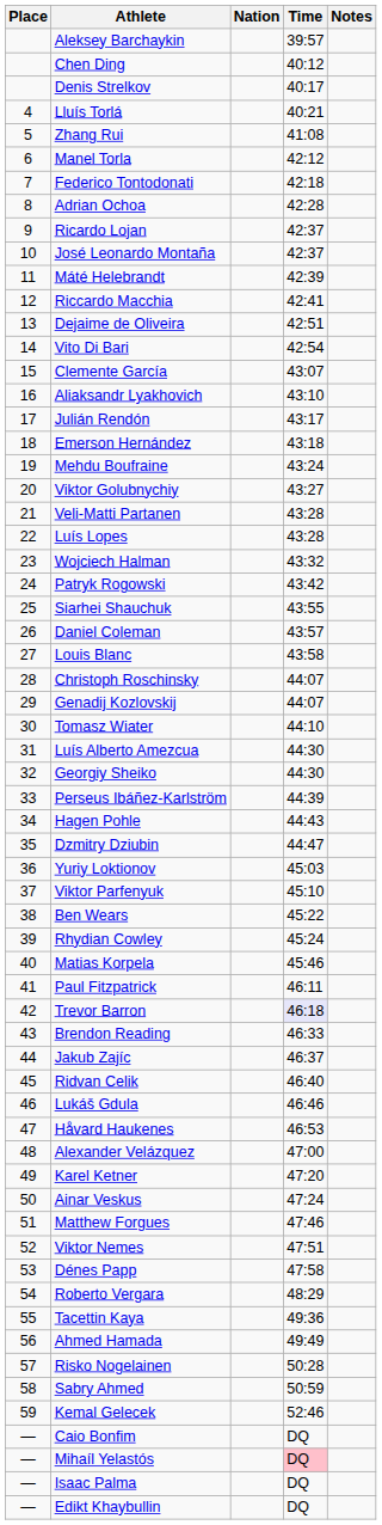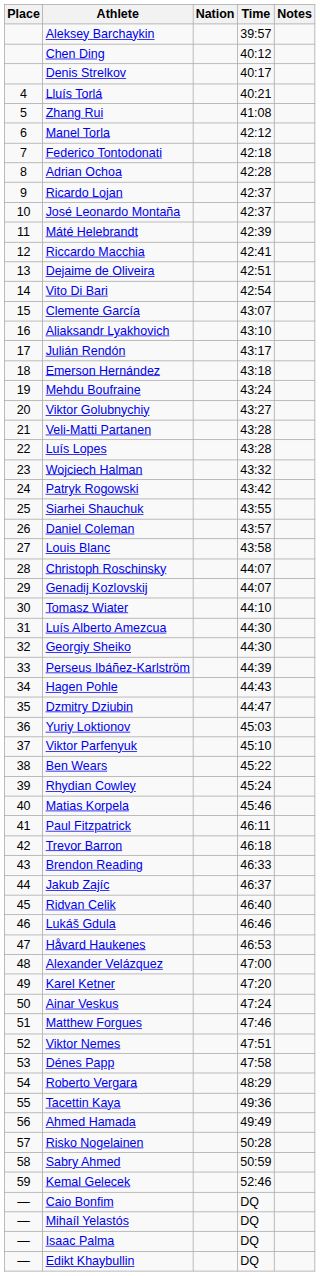 <table class=wikitable>
 <tr>
 <th>Place</th>
 <th>Athlete</th>
 <th>Nation</th>
 <th>Time</th>
 <th>Notes</th>
 </tr>
 <tr>
 <td align=center></td>
 <td><a href='#'>Aleksey Barchaykin</a></td>
 <td></td>
 <td>39:57</td>
 <td></td>
 </tr>
 <tr>
 <td align=center></td>
 <td><a href='#'>Chen Ding</a></td>
 <td></td>
 <td>40:12</td>
 <td></td>
 </tr>
 <tr>
 <td align=center></td>
 <td><a href='#'>Denis Strelkov</a></td>
 <td></td>
 <td>40:17</td>
 <td></td>
 </tr>
 <tr>
 <td align=center>4</td>
 <td><a href='#'>Lluís Torlá</a></td>
 <td></td>
 <td>40:21</td>
 <td></td>
 </tr>
 <tr>
 <td align=center>5</td>
 <td><a href='#'>Zhang Rui</a></td>
 <td></td>
 <td>41:08</td>
 <td></td>
 </tr>
 <tr>
 <td align=center>6</td>
 <td><a href='#'>Manel Torla</a></td>
 <td></td>
 <td>42:12</td>
 <td></td>
 </tr>
 <tr>
 <td align=center>7</td>
 <td><a href='#'>Federico Tontodonati</a></td>
 <td></td>
 <td>42:18</td>
 <td></td>
 </tr>
 <tr>
 <td align=center>8</td>
 <td><a href='#'>Adrian Ochoa</a></td>
 <td></td>
 <td>42:28</td>
 <td></td>
 </tr>
 <tr>
 <td align=center>9</td>
 <td><a href='#'>Ricardo Lojan</a></td>
 <td></td>
 <td>42:37</td>
 <td></td>
 </tr>
 <tr>
 <td align=center>10</td>
 <td><a href='#'>José Leonardo Montaña</a></td>
 <td></td>
 <td>42:37</td>
 <td></td>
 </tr>
 <tr>
 <td align=center>11</td>
 <td><a href='#'>Máté Helebrandt</a></td>
 <td></td>
 <td>42:39</td>
 <td></td>
 </tr>
 <tr>
 <td align=center>12</td>
 <td><a href='#'>Riccardo Macchia</a></td>
 <td></td>
 <td>42:41</td>
 <td></td>
 </tr>
 <tr>
 <td align=center>13</td>
 <td><a href='#'>Dejaime de Oliveira</a></td>
 <td></td>
 <td>42:51</td>
 <td></td>
 </tr>
 <tr>
 <td align=center>14</td>
 <td><a href='#'>Vito Di Bari</a></td>
 <td></td>
 <td>42:54</td>
 <td></td>
 </tr>
 <tr>
 <td align=center>15</td>
 <td><a href='#'>Clemente García</a></td>
 <td></td>
 <td>43:07</td>
 <td></td>
 </tr>
 <tr>
 <td align=center>16</td>
 <td><a href='#'>Aliaksandr Lyakhovich</a></td>
 <td></td>
 <td>43:10</td>
 <td></td>
 </tr>
 <tr>
 <td align=center>17</td>
 <td><a href='#'>Julián Rendón</a></td>
 <td></td>
 <td>43:17</td>
 <td></td>
 </tr>
 <tr>
 <td align=center>18</td>
 <td><a href='#'>Emerson Hernández</a></td>
 <td></td>
 <td>43:18</td>
 <td></td>
 </tr>
 <tr>
 <td align=center>19</td>
 <td><a href='#'>Mehdu Boufraine</a></td>
 <td></td>
 <td>43:24</td>
 <td></td>
 </tr>
 <tr>
 <td align=center>20</td>
 <td><a href='#'>Viktor Golubnychiy</a></td>
 <td></td>
 <td>43:27</td>
 <td></td>
 </tr>
 <tr>
 <td align=center>21</td>
 <td><a href='#'>Veli-Matti Partanen</a></td>
 <td></td>
 <td>43:28</td>
 <td></td>
 </tr>
 <tr>
 <td align=center>22</td>
 <td><a href='#'>Luís Lopes</a></td>
 <td></td>
 <td>43:28</td>
 <td></td>
 </tr>
 <tr>
 <td align=center>23</td>
 <td><a href='#'>Wojciech Halman</a></td>
 <td></td>
 <td>43:32</td>
 <td></td>
 </tr>
 <tr>
 <td align=center>24</td>
 <td><a href='#'>Patryk Rogowski</a></td>
 <td></td>
 <td>43:42</td>
 <td></td>
 </tr>
 <tr>
 <td align=center>25</td>
 <td><a href='#'>Siarhei Shauchuk</a></td>
 <td></td>
 <td>43:55</td>
 <td></td>
 </tr>
 <tr>
 <td align=center>26</td>
 <td><a href='#'>Daniel Coleman</a></td>
 <td></td>
 <td>43:57</td>
 <td></td>
 </tr>
 <tr>
 <td align=center>27</td>
 <td><a href='#'>Louis Blanc</a></td>
 <td></td>
 <td>43:58</td>
 <td></td>
 </tr>
 <tr>
 <td align=center>28</td>
 <td><a href='#'>Christoph Roschinsky</a></td>
 <td></td>
 <td>44:07</td>
 <td></td>
 </tr>
 <tr>
 <td align=center>29</td>
 <td><a href='#'>Genadij Kozlovskij</a></td>
 <td></td>
 <td>44:07</td>
 <td></td>
 </tr>
 <tr>
 <td align=center>30</td>
 <td><a href='#'>Tomasz Wiater</a></td>
 <td></td>
 <td>44:10</td>
 <td></td>
 </tr>
 <tr>
 <td align=center>31</td>
 <td><a href='#'>Luís Alberto Amezcua</a></td>
 <td></td>
 <td>44:30</td>
 <td></td>
 </tr>
 <tr>
 <td align=center>32</td>
 <td><a href='#'>Georgiy Sheiko</a></td>
 <td></td>
 <td>44:30</td>
 <td></td>
 </tr>
 <tr>
 <td align=center>33</td>
 <td><a href='#'>Perseus Ibáñez-Karlström</a></td>
 <td></td>
 <td>44:39</td>
 <td></td>
 </tr>
 <tr>
 <td align=center>34</td>
 <td><a href='#'>Hagen Pohle</a></td>
 <td></td>
 <td>44:43</td>
 <td></td>
 </tr>
 <tr>
 <td align=center>35</td>
 <td><a href='#'>Dzmitry Dziubin</a></td>
 <td></td>
 <td>44:47</td>
 <td></td>
 </tr>
 <tr>
 <td align=center>36</td>
 <td><a href='#'>Yuriy Loktionov</a></td>
 <td></td>
 <td>45:03</td>
 <td></td>
 </tr>
 <tr>
 <td align=center>37</td>
 <td><a href='#'>Viktor Parfenyuk</a></td>
 <td></td>
 <td>45:10</td>
 <td></td>
 </tr>
 <tr>
 <td align=center>38</td>
 <td><a href='#'>Ben Wears</a></td>
 <td></td>
 <td>45:22</td>
 <td></td>
 </tr>
 <tr>
 <td align=center>39</td>
 <td><a href='#'>Rhydian Cowley</a></td>
 <td></td>
 <td>45:24</td>
 <td></td>
 </tr>
 <tr>
 <td align=center>40</td>
 <td><a href='#'>Matias Korpela</a></td>
 <td></td>
 <td>45:46</td>
 <td></td>
 </tr>
 <tr>
 <td align=center>41</td>
 <td><a href='#'>Paul Fitzpatrick</a></td>
 <td></td>
 <td>46:11</td>
 <td></td>
 </tr>
 <tr>
 <td align=center>42</td>
 <td><a href='#'>Trevor Barron</a></td>
 <td></td>
-<td style="background: lavender;">46:18</td>
+<td>46:18</td>
 <td></td>
 </tr>
 <tr>
 <td align=center>43</td>
 <td><a href='#'>Brendon Reading</a></td>
 <td></td>
 <td>46:33</td>
 <td></td>
 </tr>
 <tr>
 <td align=center>44</td>
 <td><a href='#'>Jakub Zajíc</a></td>
 <td></td>
 <td>46:37</td>
 <td></td>
 </tr>
 <tr>
 <td align=center>45</td>
 <td><a href='#'>Ridvan Celik</a></td>
 <td></td>
 <td>46:40</td>
 <td></td>
 </tr>
 <tr>
 <td align=center>46</td>
 <td><a href='#'>Lukáš Gdula</a></td>
 <td></td>
 <td>46:46</td>
 <td></td>
 </tr>
 <tr>
 <td align=center>47</td>
 <td><a href='#'>Håvard Haukenes</a></td>
 <td></td>
 <td>46:53</td>
 <td></td>
 </tr>
 <tr>
 <td align=center>48</td>
 <td><a href='#'>Alexander Velázquez</a></td>
 <td></td>
 <td>47:00</td>
 <td></td>
 </tr>
 <tr>
 <td align=center>49</td>
 <td><a href='#'>Karel Ketner</a></td>
 <td></td>
 <td>47:20</td>
 <td></td>
 </tr>
 <tr>
 <td align=center>50</td>
 <td><a href='#'>Ainar Veskus</a></td>
 <td></td>
 <td>47:24</td>
 <td></td>
 </tr>
 <tr>
 <td align=center>51</td>
 <td><a href='#'>Matthew Forgues</a></td>
 <td></td>
 <td>47:46</td>
 <td></td>
 </tr>
 <tr>
 <td align=center>52</td>
 <td><a href='#'>Viktor Nemes</a></td>
 <td></td>
 <td>47:51</td>
 <td></td>
 </tr>
 <tr>
 <td align=center>53</td>
 <td><a href='#'>Dénes Papp</a></td>
 <td></td>
 <td>47:58</td>
 <td></td>
 </tr>
 <tr>
 <td align=center>54</td>
 <td><a href='#'>Roberto Vergara</a></td>
 <td></td>
 <td>48:29</td>
 <td></td>
 </tr>
 <tr>
 <td align=center>55</td>
 <td><a href='#'>Tacettin Kaya</a></td>
 <td></td>
 <td>49:36</td>
 <td></td>
 </tr>
 <tr>
 <td align=center>56</td>
 <td><a href='#'>Ahmed Hamada</a></td>
 <td></td>
 <td>49:49</td>
 <td></td>
 </tr>
 <tr>
 <td align=center>57</td>
 <td><a href='#'>Risko Nogelainen</a></td>
 <td></td>
 <td>50:28</td>
 <td></td>
 </tr>
 <tr>
 <td align=center>58</td>
 <td><a href='#'>Sabry Ahmed</a></td>
 <td></td>
 <td>50:59</td>
 <td></td>
 </tr>
 <tr>
 <td align=center>59</td>
 <td><a href='#'>Kemal Gelecek</a></td>
 <td></td>
 <td>52:46</td>
 <td></td>
 </tr>
 <tr>
 <td align=center>—</td>
 <td><a href='#'>Caio Bonfim</a></td>
 <td></td>
 <td>DQ</td>
 <td></td>
 </tr>
 <tr>
 <td align=center>—</td>
 <td><a href='#'>Mihaíl Yelastós</a></td>
 <td></td>
-<td style="background: pink;">DQ</td>
+<td>DQ</td>
 <td></td>
 </tr>
 <tr>
 <td align=center>—</td>
 <td><a href='#'>Isaac Palma</a></td>
 <td></td>
 <td>DQ</td>
 <td></td>
 </tr>
 <tr>
 <td align=center>—</td>
 <td><a href='#'>Edikt Khaybullin</a></td>
 <td></td>
 <td>DQ</td>
 <td></td>
 </tr>
 </table>
